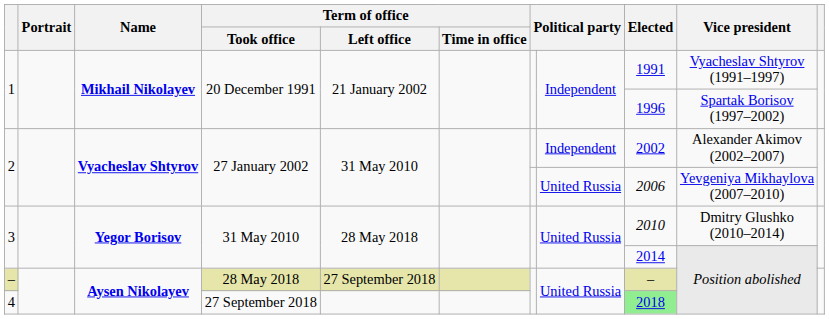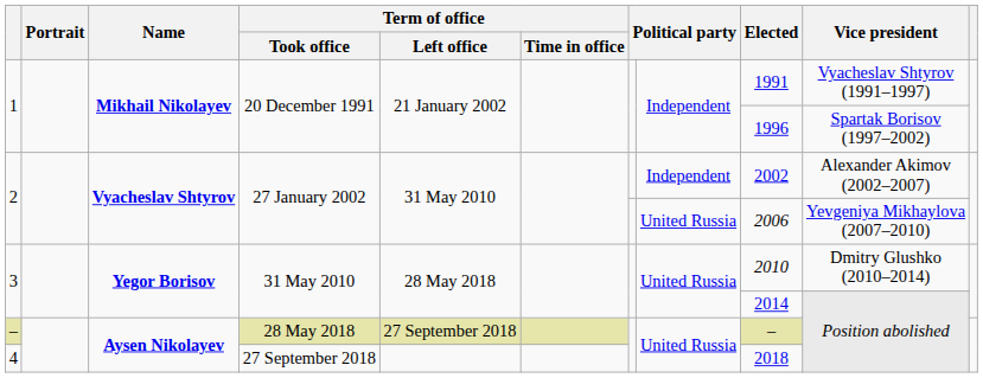 <table class="wikitable" style="text-align:center">
 <tr>
 <th rowspan=2></th>
 <th rowspan=2>Portrait</th>
 <th rowspan=2>Name<br></th>
 <th colspan=3>Term of office</th>
 <th colspan=2 rowspan=2>Political party</th>
 <th rowspan=2>Elected</th>
 <th rowspan=2>Vice president</th>
 <th rowspan=2></th>
 </tr>
 <tr>
 <th>Took office</th>
 <th>Left office</th>
 <th>Time in office</th>
 </tr>
 <tr>
 <td rowspan=2>1</td>
 <td rowspan=2></td>
 <td rowspan=2><strong><a href='#'>Mikhail Nikolayev</a></strong><br></td>
 <td rowspan=2>20 December 1991</td>
 <td rowspan=2>21 January 2002</td>
 <td rowspan=2></td>
 <td rowspan=2 style="background:"></td>
 <td rowspan=2><a href='#'>Independent</a></td>
 <td><a href='#'>1991</a></td>
 <td><a href='#'>Vyacheslav Shtyrov</a><br>(1991–1997)</td>
 <td rowspan=2></td>
 </tr>
 <tr>
 <td><a href='#'>1996</a></td>
 <td><a href='#'>Spartak Borisov</a><br>(1997–2002)</td>
 </tr>
 <tr>
 <td rowspan=2>2</td>
 <td rowspan=2></td>
 <td rowspan=2><strong><a href='#'>Vyacheslav Shtyrov</a></strong><br></td>
 <td rowspan=2>27 January 2002</td>
 <td rowspan=2>31 May 2010</td>
 <td rowspan=2></td>
 <td style="background:"></td>
 <td><a href='#'>Independent</a></td>
 <td><a href='#'>2002</a></td>
 <td>Alexander Akimov<br>(2002–2007)</td>
 <td rowspan=2></td>
 </tr>
 <tr>
 <td style="background:"></td>
 <td><a href='#'>United Russia</a></td>
 <td><em>2006</em></td>
 <td><a href='#'>Yevgeniya Mikhaylova</a><br>(2007–2010)</td>
 </tr>
 <tr>
 <td rowspan=2>3</td>
 <td rowspan=2></td>
 <td rowspan=2><strong><a href='#'>Yegor Borisov</a></strong><br></td>
 <td rowspan=2>31 May 2010</td>
 <td rowspan=2>28 May 2018</td>
 <td rowspan=2></td>
 <td rowspan=2 style="background:"></td>
 <td rowspan=2><a href='#'>United Russia</a></td>
 <td><em>2010</em></td>
 <td>Dmitry Glushko<br>(2010–2014)</td>
 <td rowspan=2></td>
 </tr>
 <tr>
 <td><a href='#'>2014</a></td>
 <td rowspan=3, style="background:#EAEAEA;"><em>Position abolished</em></td>
 </tr>
 <tr>
 <td style="background:#e6e6aa;">–</td>
 <td rowspan=2></td>
 <td rowspan=2><strong><a href='#'>Aysen Nikolayev</a></strong><br></td>
 <td style="background:#e6e6aa;">28 May 2018</td>
 <td style="background:#e6e6aa;">27 September 2018</td>
 <td style="background:#e6e6aa;"></td>
 <td rowspan=2 style="background:"></td>
 <td rowspan=2><a href='#'>United Russia</a></td>
 <td style="background:#e6e6aa;">–</td>
 <td rowspan=2></td>
 </tr>
 <tr>
 <td>4</td>
 <td>27 September 2018</td>
 <td></td>
 <td></td>
-<td style="background: lightgreen;"><a href='#'>2018</a></td>
+<td><a href='#'>2018</a></td>
 </tr>
 </table>
